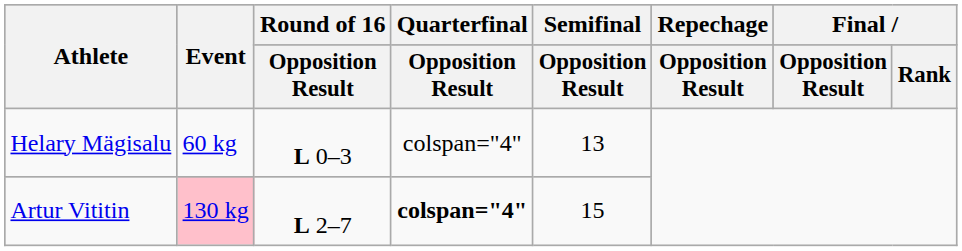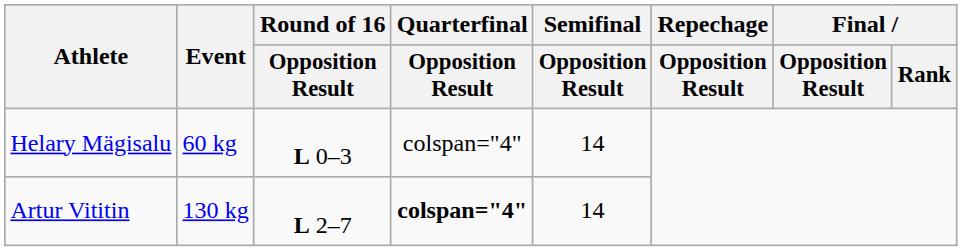 <table class="wikitable" style="font-size:90%">
 <tr>
 <th rowspan="2">Athlete</th>
 <th rowspan="2">Event</th>
 <th>Round of 16</th>
 <th>Quarterfinal</th>
 <th>Semifinal</th>
 <th>Repechage</th>
 <th colspan=2>Final / </th>
 </tr>
 <tr style="font-size: 95%">
 <th>Opposition<br>Result</th>
 <th>Opposition<br>Result</th>
 <th>Opposition<br>Result</th>
 <th>Opposition<br>Result</th>
 <th>Opposition<br>Result</th>
 <th>Rank</th>
 </tr>
 <tr align=center>
 <td align=left><a href='#'>Helary Mägisalu</a></td>
 <td align=left><a href='#'>60 kg</a></td>
 <td><br><strong>L</strong> 0–3 </td>
 <td>colspan="4" </td>
-<td>13</td>
+<td>14</td>
 </tr>
 <tr align=center>
 <td align=left><a href='#'>Artur Vititin</a></td>
-<td align=left style="background: pink;"><a href='#'>130 kg</a></td>
+<td align=left><a href='#'>130 kg</a></td>
 <td><br><strong>L</strong> 2–7 </td>
 <td><strong>colspan="4" </strong></td>
-<td>15</td>
+<td>14</td>
 </tr>
 </table>
